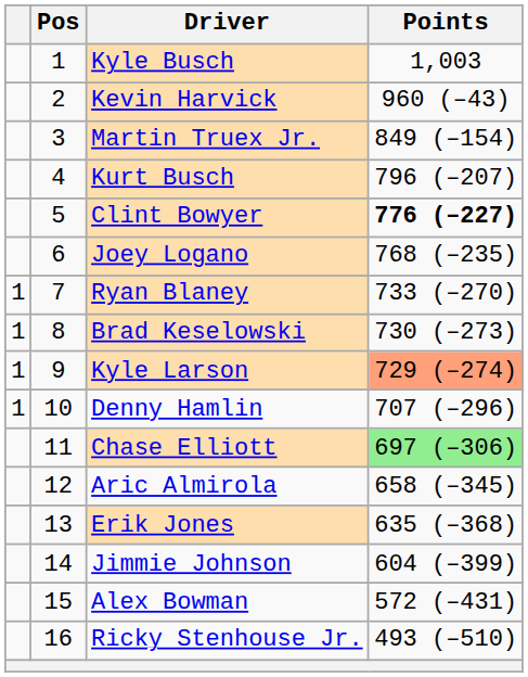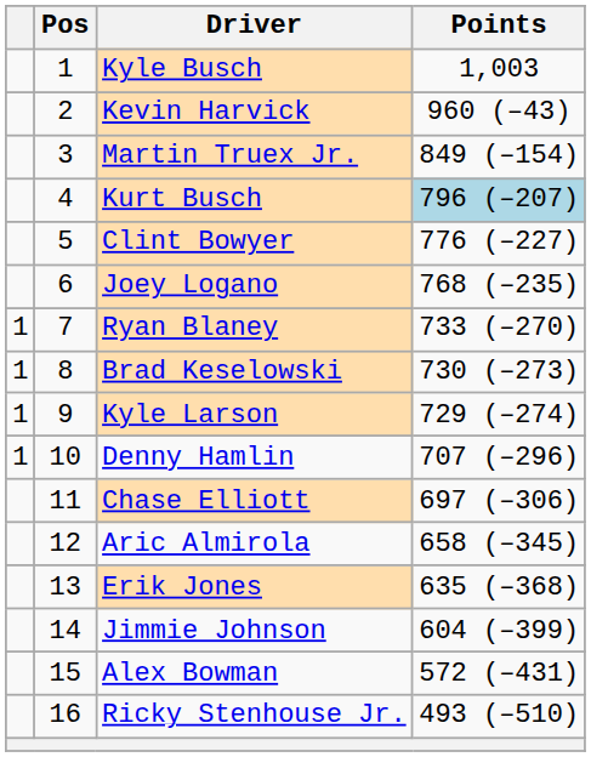 <table class="wikitable" style="font-size: 95%">
 <tr>
 <th></th>
 <th>Pos</th>
 <th>Driver</th>
 <th>Points</th>
 </tr>
 <tr>
 <td align="left"></td>
 <td style="text-align:center;">1</td>
 <td style="background:#FFDEAD;"><a href='#'>Kyle Busch</a></td>
 <td style="text-align:center;">1,003</td>
 </tr>
 <tr>
 <td align="left"></td>
 <td style="text-align:center;">2</td>
 <td style="background:#FFDEAD;"><a href='#'>Kevin Harvick</a></td>
 <td style="text-align:center;">960 (–43)</td>
 </tr>
 <tr>
 <td align="left"></td>
 <td style="text-align:center;">3</td>
 <td style="background:#FFDEAD;"><a href='#'>Martin Truex Jr.</a></td>
 <td style="text-align:center;">849 (–154)</td>
 </tr>
 <tr>
 <td align="left"></td>
 <td style="text-align:center;">4</td>
 <td style="background:#FFDEAD;"><a href='#'>Kurt Busch</a></td>
-<td style="text-align:center;">796 (–207)</td>
+<td style="background: lightblue; text-align:center;">796 (–207)</td>
 </tr>
 <tr>
 <td align="left"></td>
 <td style="text-align:center;">5</td>
 <td style="background:#FFDEAD;"><a href='#'>Clint Bowyer</a></td>
-<td style="text-align:center;"><strong>776 (–227)</strong></td>
+<td style="text-align:center;">776 (–227)</td>
 </tr>
 <tr>
 <td align="left"></td>
 <td style="text-align:center;">6</td>
 <td style="background:#FFDEAD;"><a href='#'>Joey Logano</a></td>
 <td style="text-align:center;">768 (–235)</td>
 </tr>
 <tr>
 <td align="left"> 1</td>
 <td style="text-align:center;">7</td>
 <td style="background:#FFDEAD;"><a href='#'>Ryan Blaney</a></td>
 <td style="text-align:center;">733 (–270)</td>
 </tr>
 <tr>
 <td align="left"> 1</td>
 <td style="text-align:center;">8</td>
 <td style="background:#FFDEAD;"><a href='#'>Brad Keselowski</a></td>
 <td style="text-align:center;">730 (–273)</td>
 </tr>
 <tr>
 <td align="left"> 1</td>
 <td style="text-align:center;">9</td>
 <td style="background:#FFDEAD;"><a href='#'>Kyle Larson</a></td>
-<td style="background: lightsalmon; text-align:center;">729 (–274)</td>
+<td style="text-align:center;">729 (–274)</td>
 </tr>
 <tr>
 <td align="left"> 1</td>
 <td style="text-align:center;">10</td>
 <td><a href='#'>Denny Hamlin</a></td>
 <td style="text-align:center;">707 (–296)</td>
 </tr>
 <tr>
 <td align="left"></td>
 <td style="text-align:center;">11</td>
 <td style="background:#FFDEAD;"><a href='#'>Chase Elliott</a></td>
-<td style="background: lightgreen; text-align:center;">697 (–306)</td>
+<td style="text-align:center;">697 (–306)</td>
 </tr>
 <tr>
 <td align="left"></td>
 <td style="text-align:center;">12</td>
 <td><a href='#'>Aric Almirola</a></td>
 <td style="text-align:center;">658 (–345)</td>
 </tr>
 <tr>
 <td align="left"></td>
 <td style="text-align:center;">13</td>
 <td style="background:#FFDEAD;"><a href='#'>Erik Jones</a></td>
 <td style="text-align:center;">635 (–368)</td>
 </tr>
 <tr>
 <td align="left"></td>
 <td style="text-align:center;">14</td>
 <td><a href='#'>Jimmie Johnson</a></td>
 <td style="text-align:center;">604 (–399)</td>
 </tr>
 <tr>
 <td align="left"></td>
 <td style="text-align:center;">15</td>
 <td><a href='#'>Alex Bowman</a></td>
 <td style="text-align:center;">572 (–431)</td>
 </tr>
 <tr>
 <td align="left"></td>
 <td style="text-align:center;">16</td>
 <td><a href='#'>Ricky Stenhouse Jr.</a></td>
 <td style="text-align:center;">493 (–510)</td>
 </tr>
 <tr class="sortbottom">
 <th colspan="9"></th>
 </tr>
 </table>
